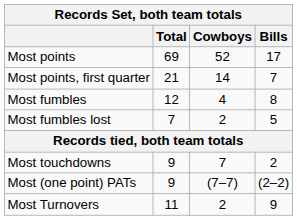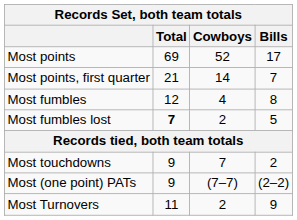 <table class="wikitable">
 <tr>
 <th colspan=4>Records Set, both team totals</th>
 </tr>
 <tr>
 <th></th>
 <th>Total</th>
 <th>Cowboys</th>
 <th>Bills</th>
 </tr>
 <tr align=center>
 <td align=left>Most points</td>
 <td>69</td>
 <td>52</td>
 <td>17</td>
 </tr>
 <tr align=center>
 <td align=left>Most points, first quarter</td>
 <td>21</td>
 <td>14</td>
 <td>7</td>
 </tr>
 <tr align=center>
 <td align=left>Most fumbles</td>
 <td>12</td>
 <td>4</td>
 <td>8</td>
 </tr>
 <tr align=center>
 <td align=left>Most fumbles lost</td>
-<td>7</td>
+<td><strong>7</strong></td>
 <td>2</td>
 <td>5</td>
 </tr>
 <tr>
 <th colspan=4>Records tied, both team totals</th>
 </tr>
 <tr align=center>
 <td align=left>Most touchdowns</td>
 <td>9</td>
 <td>7</td>
 <td>2</td>
 </tr>
 <tr align=center>
 <td align=left>Most (one point) PATs</td>
 <td>9</td>
 <td>(7–7)</td>
 <td>(2–2)</td>
 </tr>
 <tr align=center>
 <td align=left>Most Turnovers</td>
 <td>11</td>
 <td>2</td>
 <td>9</td>
 </tr>
 </table>
